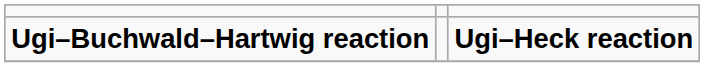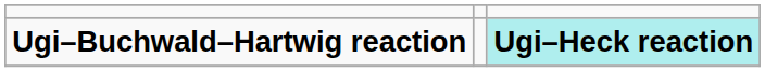 <table align="center"  class="wikitable">
 <tr>
 <td></td>
 <td></td>
 <td></td>
 </tr>
 <tr>
 <td><strong>Ugi–Buchwald–Hartwig reaction</strong> </td>
 <td></td>
-<td><strong>Ugi–Heck reaction</strong> </td>
+<td style="background: paleturquoise;"><strong>Ugi–Heck reaction</strong> </td>
 </tr>
 <tr>
 </tr>
 </table>
